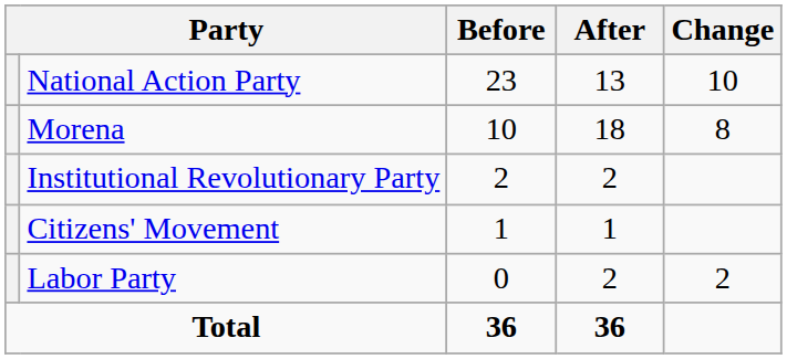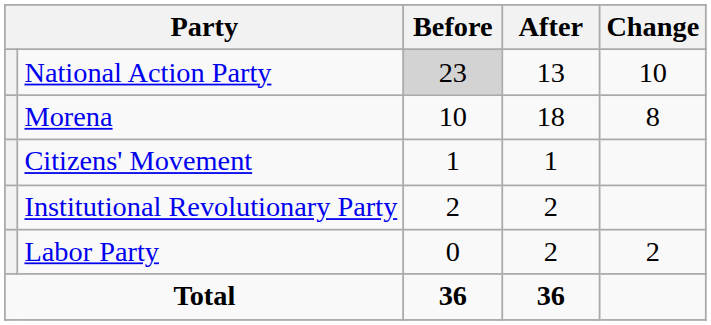 <table class="wikitable" style="text-align:center;">
 <tr>
 <th colspan="2">Party</th>
 <th style="width:3em">Before</th>
 <th style="width:3em">After</th>
 <th style="width:3em">Change</th>
 </tr>
 <tr>
 <th style="background-color:"></th>
 <td style="text-align:left;"><a href='#'>National Action Party</a></td>
-<td>23</td>
+<td style="background: lightgrey;">23</td>
 <td>13</td>
 <td>10</td>
 </tr>
 <tr>
 <th style="background-color:"></th>
 <td style="text-align:left;"><a href='#'>Morena</a></td>
 <td>10</td>
 <td>18</td>
 <td>8</td>
 </tr>
 <tr>
 <th style="background-color:"></th>
-<td style="text-align:left;"><a href='#'>Institutional Revolutionary Party</a></td>
-<td>2</td>
-<td>2</td>
+<td style="text-align:left;"><a href='#'>Citizens' Movement</a></td>
+<td>1</td>
+<td>1</td>
 <td></td>
 </tr>
 <tr>
 <th style="background-color:"></th>
-<td style="text-align:left;"><a href='#'>Citizens' Movement</a></td>
-<td>1</td>
-<td>1</td>
+<td style="text-align:left;"><a href='#'>Institutional Revolutionary Party</a></td>
+<td>2</td>
+<td>2</td>
 <td></td>
 </tr>
 <tr>
 <th style="background-color:"></th>
 <td style="text-align:left;"><a href='#'>Labor Party</a></td>
 <td>0</td>
 <td>2</td>
 <td>2</td>
 </tr>
 <tr>
 <td colspan="2"><strong>Total</strong></td>
 <td><strong>36</strong></td>
 <td><strong>36</strong></td>
 <td></td>
 </tr>
 </table>
